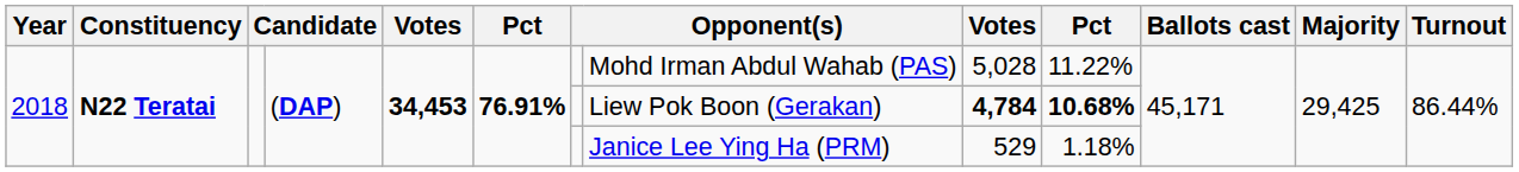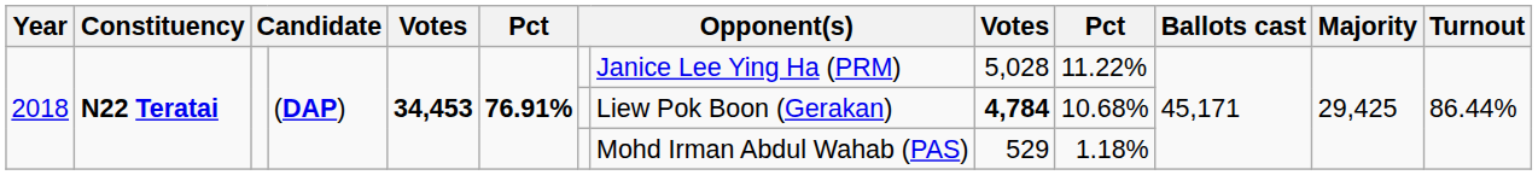 <table class="wikitable" style="margin:0.5em ; font-size:95%">
 <tr>
 <th>Year</th>
 <th>Constituency</th>
 <th colspan=2>Candidate</th>
 <th>Votes</th>
 <th>Pct</th>
 <th colspan=2>Opponent(s)</th>
 <th>Votes</th>
 <th>Pct</th>
 <th>Ballots cast</th>
 <th>Majority</th>
 <th>Turnout</th>
 </tr>
 <tr>
 <td rowspan=3><a href='#'>2018</a></td>
 <td rowspan=3><strong>N22 <a href='#'>Teratai</a></strong></td>
 <td rowspan=3 ></td>
 <td rowspan=3> (<a href='#'><strong>DAP</strong></a>)</td>
 <td rowspan=3 align=right><strong>34,453</strong></td>
 <td rowspan=3><strong>76.91%</strong></td>
 <td></td>
-<td>Mohd Irman Abdul Wahab	(<a href='#'>PAS</a>)</td>
+<td><a href='#'>Janice Lee Ying Ha</a> (<a href='#'>PRM</a>)</td>
 <td align=right>5,028</td>
 <td>11.22%</td>
 <td rowspan=3>45,171</td>
 <td rowspan=3>29,425</td>
 <td rowspan=3>86.44%</td>
 </tr>
 <tr>
 <td></td>
 <td>Liew Pok Boon (<a href='#'>Gerakan</a>)</td>
 <td align=right><strong>4,784</strong></td>
-<td><strong>10.68%</strong></td>
+<td>10.68%</td>
 </tr>
 <tr>
 <td bgcolor=></td>
-<td><a href='#'>Janice Lee Ying Ha</a> (<a href='#'>PRM</a>)</td>
+<td>Mohd Irman Abdul Wahab	(<a href='#'>PAS</a>)</td>
 <td align=right>529</td>
 <td align=right>1.18%</td>
 </tr>
 </table>
